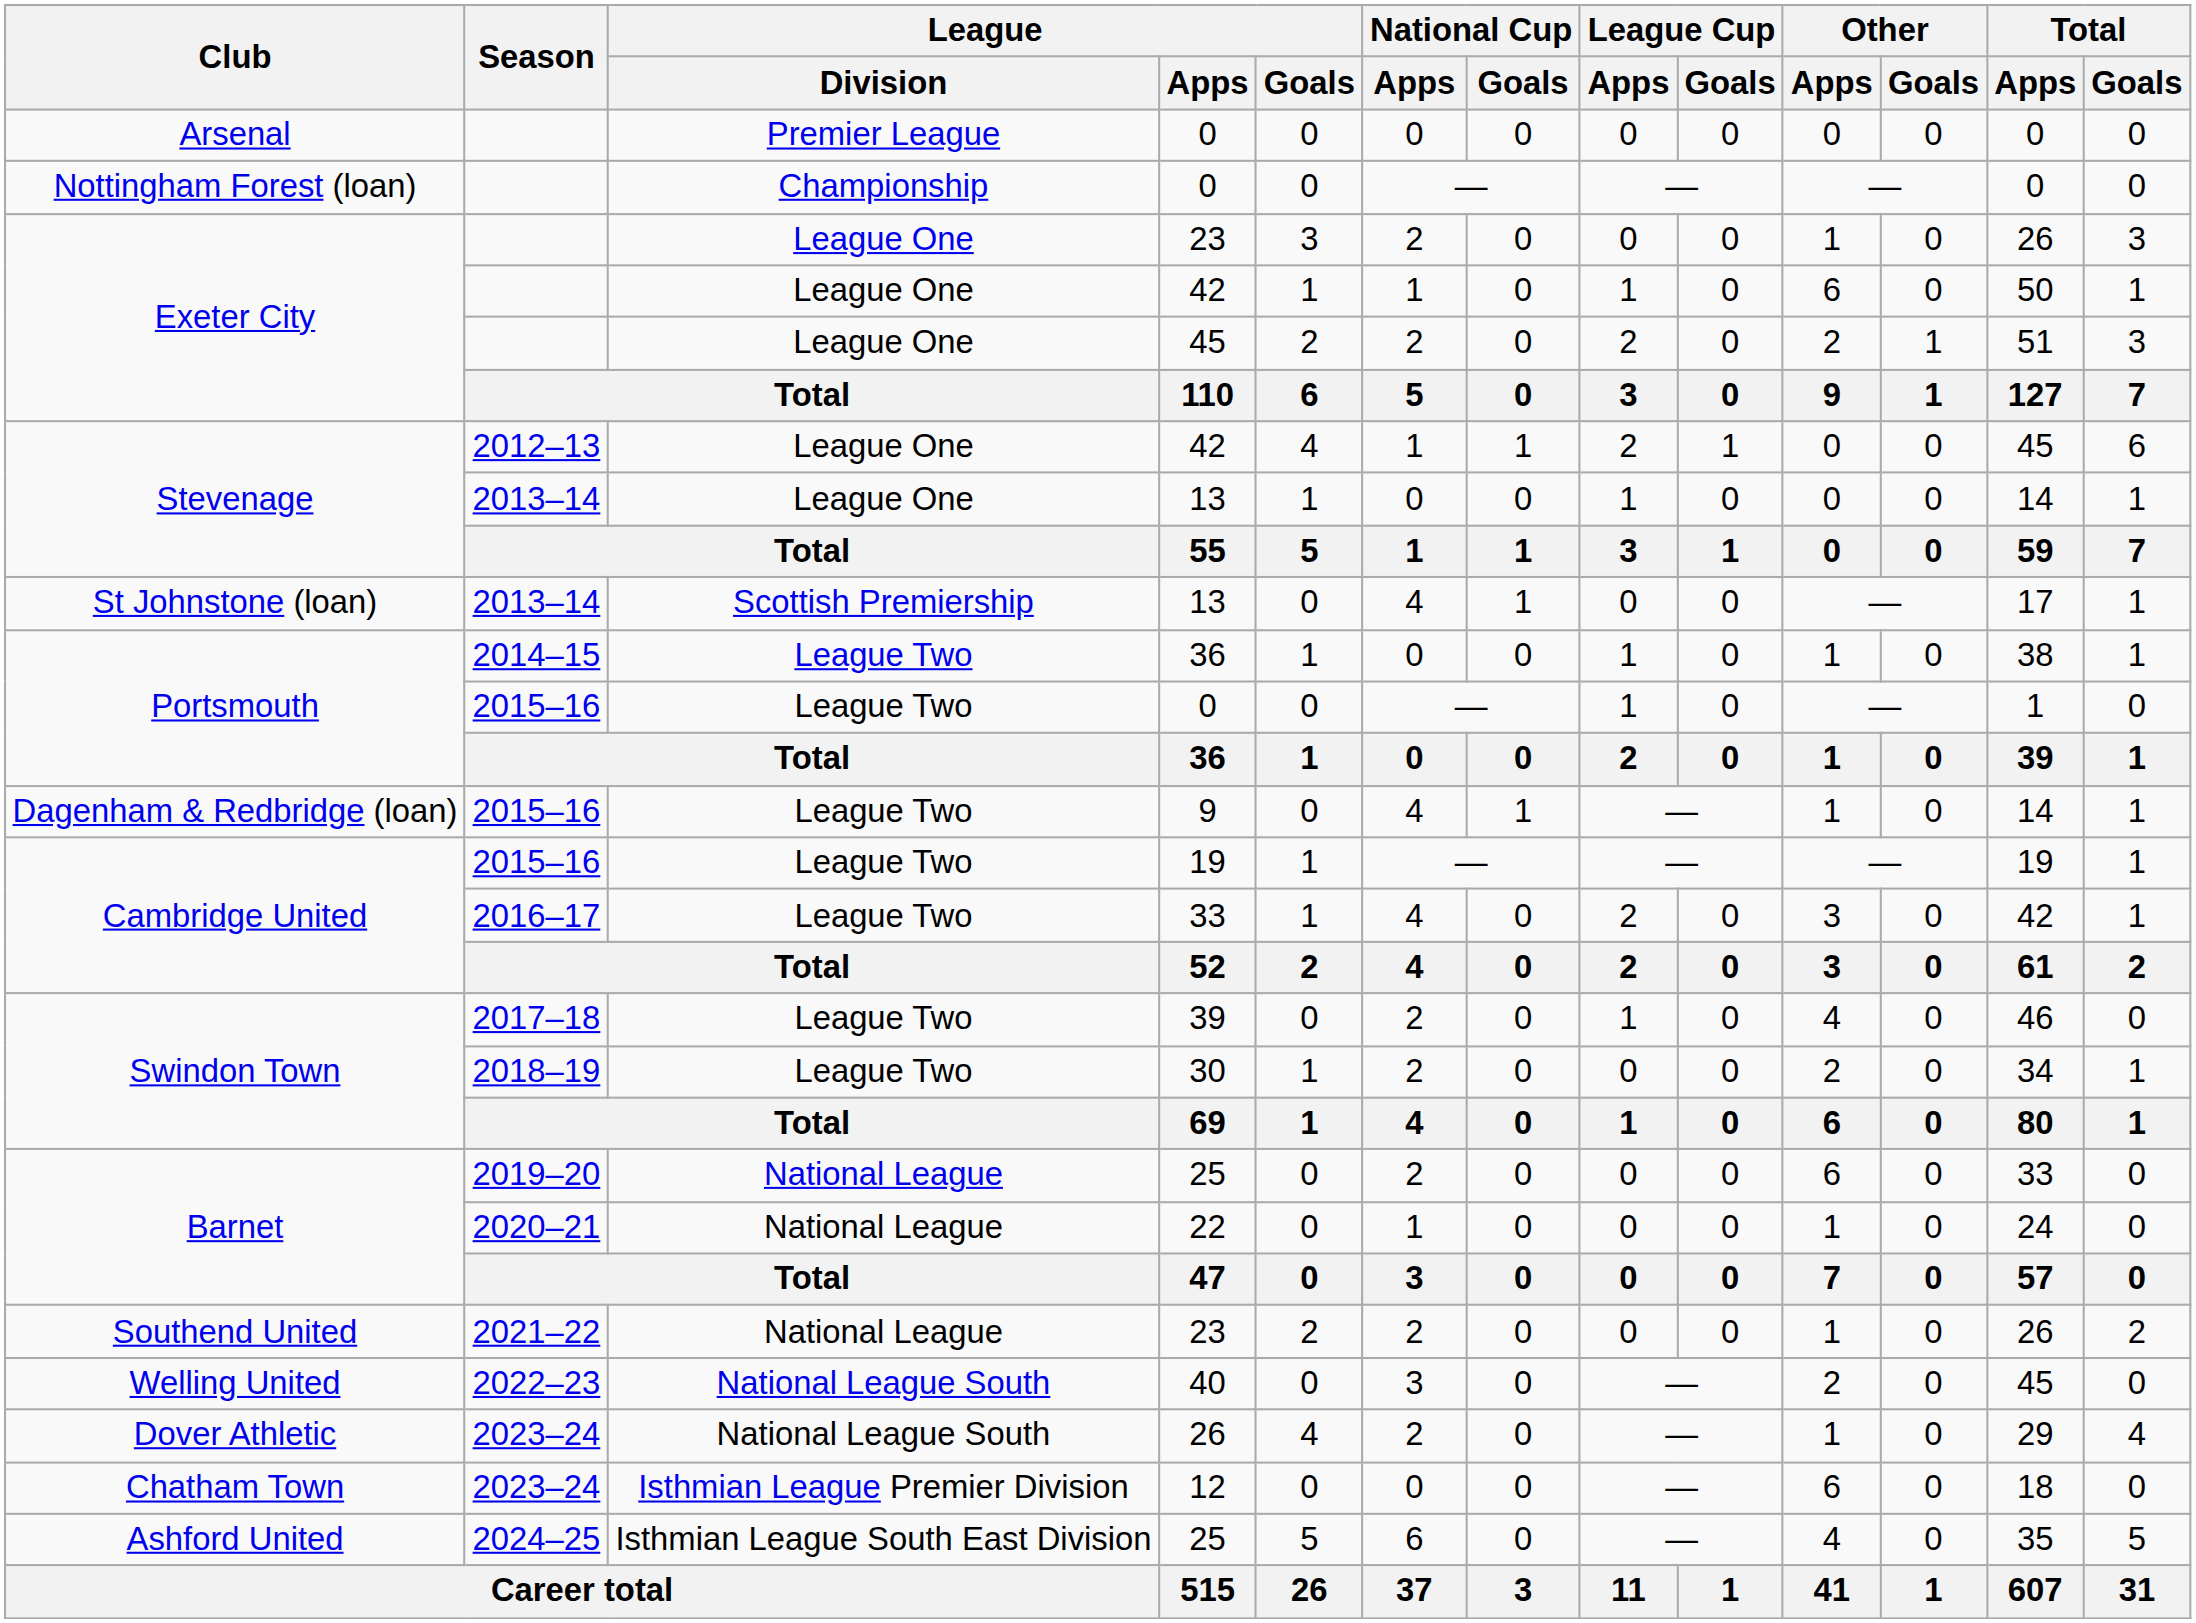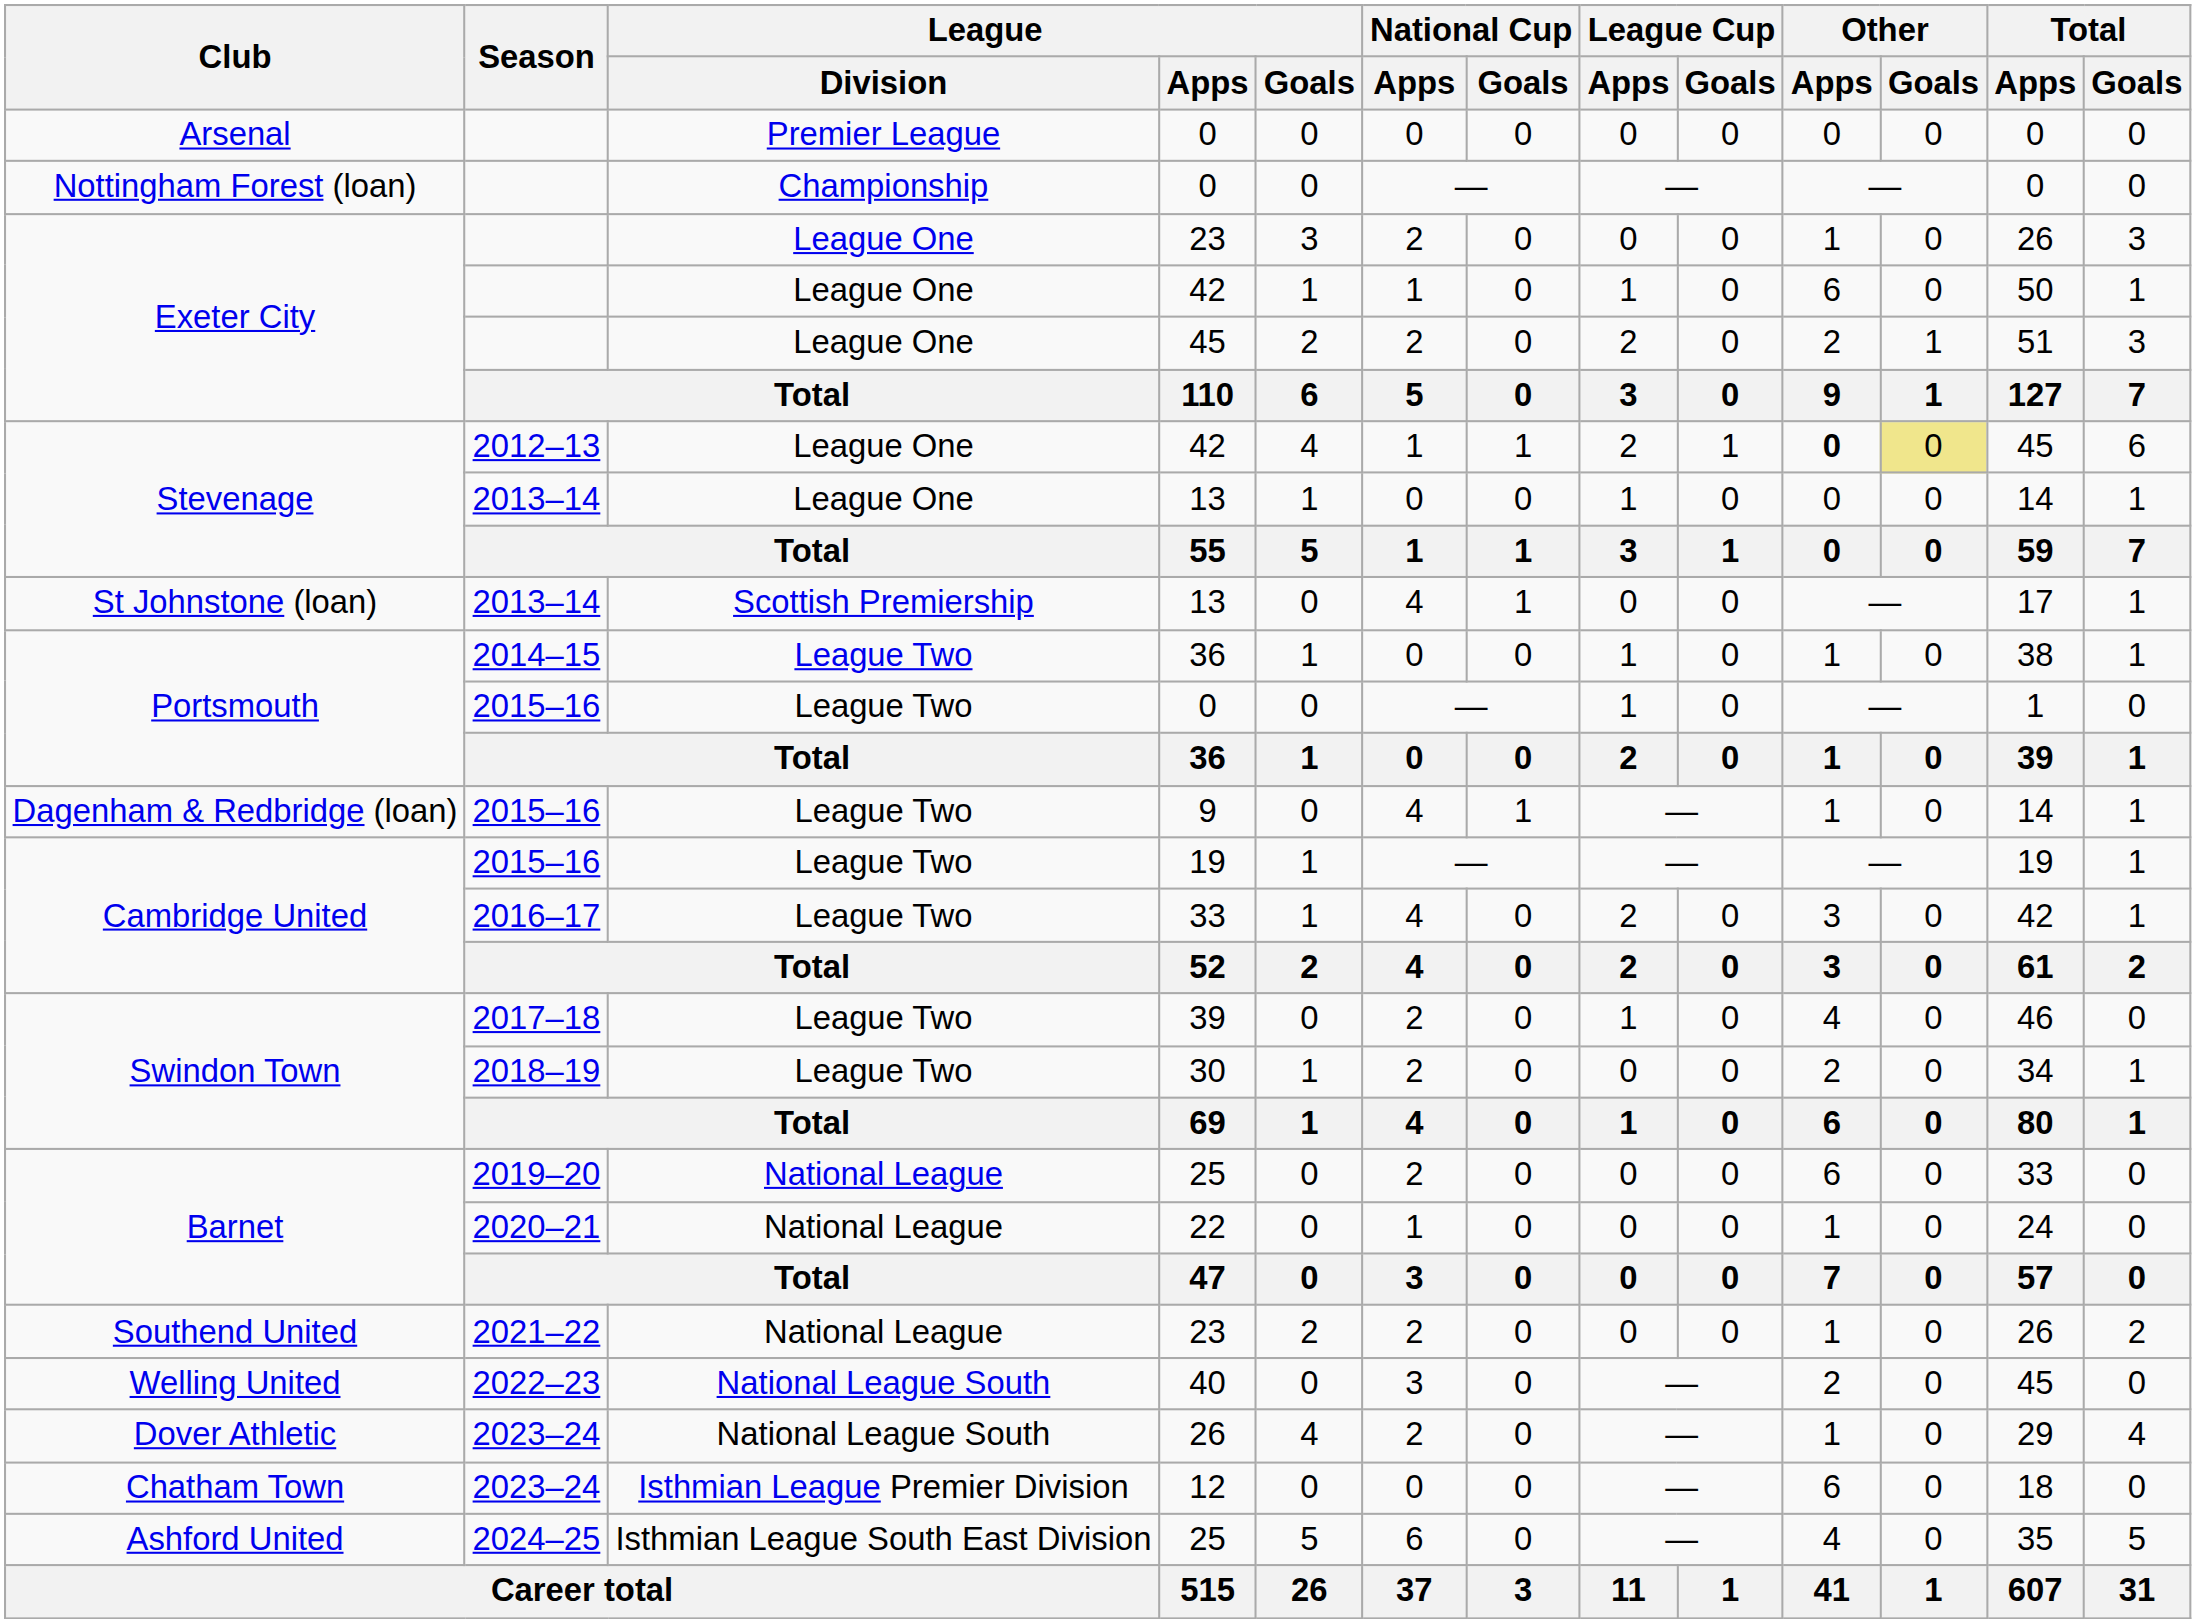 <table class="wikitable" style="text-align: center;">
 <tr>
 <th rowspan="2">Club</th>
 <th rowspan="2">Season</th>
 <th colspan="3">League</th>
 <th colspan="2">National Cup</th>
 <th colspan="2">League Cup</th>
 <th colspan="2">Other</th>
 <th colspan="2">Total</th>
 </tr>
 <tr>
 <th>Division</th>
 <th>Apps</th>
 <th>Goals</th>
 <th>Apps</th>
 <th>Goals</th>
 <th>Apps</th>
 <th>Goals</th>
 <th>Apps</th>
 <th>Goals</th>
 <th>Apps</th>
 <th>Goals</th>
 </tr>
 <tr>
 <td><a href='#'>Arsenal</a></td>
 <td></td>
 <td><a href='#'>Premier League</a></td>
 <td>0</td>
 <td>0</td>
 <td>0</td>
 <td>0</td>
 <td>0</td>
 <td>0</td>
 <td>0</td>
 <td>0</td>
 <td>0</td>
 <td>0</td>
 </tr>
 <tr>
 <td><a href='#'>Nottingham Forest</a> (loan)</td>
 <td></td>
 <td><a href='#'>Championship</a></td>
 <td>0</td>
 <td>0</td>
 <td colspan="2">—</td>
 <td colspan="2">—</td>
 <td colspan="2">—</td>
 <td>0</td>
 <td>0</td>
 </tr>
 <tr>
 <td rowspan="4" valign="center"><a href='#'>Exeter City</a></td>
 <td></td>
 <td><a href='#'>League One</a></td>
 <td>23</td>
 <td>3</td>
 <td>2</td>
 <td>0</td>
 <td>0</td>
 <td>0</td>
 <td>1</td>
 <td>0</td>
 <td>26</td>
 <td>3</td>
 </tr>
 <tr>
 <td></td>
 <td>League One</td>
 <td>42</td>
 <td>1</td>
 <td>1</td>
 <td>0</td>
 <td>1</td>
 <td>0</td>
 <td>6</td>
 <td>0</td>
 <td>50</td>
 <td>1</td>
 </tr>
 <tr>
 <td></td>
 <td>League One</td>
 <td>45</td>
 <td>2</td>
 <td>2</td>
 <td>0</td>
 <td>2</td>
 <td>0</td>
 <td>2</td>
 <td>1</td>
 <td>51</td>
 <td>3</td>
 </tr>
 <tr>
 <th colspan="2">Total</th>
 <th>110</th>
 <th>6</th>
 <th>5</th>
 <th>0</th>
 <th>3</th>
 <th>0</th>
 <th>9</th>
 <th>1</th>
 <th>127</th>
 <th>7</th>
 </tr>
 <tr>
 <td rowspan="3" valign="center"><a href='#'>Stevenage</a></td>
 <td><a href='#'>2012–13</a></td>
 <td>League One</td>
 <td>42</td>
 <td>4</td>
 <td>1</td>
 <td>1</td>
 <td>2</td>
 <td>1</td>
-<td>0</td>
-<td>0</td>
+<td><strong>0</strong></td>
+<td style="background: khaki;">0</td>
 <td>45</td>
 <td>6</td>
 </tr>
 <tr>
 <td><a href='#'>2013–14</a></td>
 <td>League One</td>
 <td>13</td>
 <td>1</td>
 <td>0</td>
 <td>0</td>
 <td>1</td>
 <td>0</td>
 <td>0</td>
 <td>0</td>
 <td>14</td>
 <td>1</td>
 </tr>
 <tr>
 <th colspan="2">Total</th>
 <th>55</th>
 <th>5</th>
 <th>1</th>
 <th>1</th>
 <th>3</th>
 <th>1</th>
 <th>0</th>
 <th>0</th>
 <th>59</th>
 <th>7</th>
 </tr>
 <tr>
 <td><a href='#'>St Johnstone</a> (loan)</td>
 <td><a href='#'>2013–14</a></td>
 <td><a href='#'>Scottish Premiership</a></td>
 <td>13</td>
 <td>0</td>
 <td>4</td>
 <td>1</td>
 <td>0</td>
 <td>0</td>
 <td colspan="2">—</td>
 <td>17</td>
 <td>1</td>
 </tr>
 <tr>
 <td rowspan="3" valign="center"><a href='#'>Portsmouth</a></td>
 <td><a href='#'>2014–15</a></td>
 <td><a href='#'>League Two</a></td>
 <td>36</td>
 <td>1</td>
 <td>0</td>
 <td>0</td>
 <td>1</td>
 <td>0</td>
 <td>1</td>
 <td>0</td>
 <td>38</td>
 <td>1</td>
 </tr>
 <tr>
 <td><a href='#'>2015–16</a></td>
 <td>League Two</td>
 <td>0</td>
 <td>0</td>
 <td colspan="2">—</td>
 <td>1</td>
 <td>0</td>
 <td colspan="2">—</td>
 <td>1</td>
 <td>0</td>
 </tr>
 <tr>
 <th colspan="2">Total</th>
 <th>36</th>
 <th>1</th>
 <th>0</th>
 <th>0</th>
 <th>2</th>
 <th>0</th>
 <th>1</th>
 <th>0</th>
 <th>39</th>
 <th>1</th>
 </tr>
 <tr>
 <td><a href='#'>Dagenham & Redbridge</a> (loan)</td>
 <td><a href='#'>2015–16</a></td>
 <td>League Two</td>
 <td>9</td>
 <td>0</td>
 <td>4</td>
 <td>1</td>
 <td colspan="2">—</td>
 <td>1</td>
 <td>0</td>
 <td>14</td>
 <td>1</td>
 </tr>
 <tr>
 <td rowspan="3" valign="center"><a href='#'>Cambridge United</a></td>
 <td><a href='#'>2015–16</a></td>
 <td>League Two</td>
 <td>19</td>
 <td>1</td>
 <td colspan="2">—</td>
 <td colspan="2">—</td>
 <td colspan="2">—</td>
 <td>19</td>
 <td>1</td>
 </tr>
 <tr>
 <td><a href='#'>2016–17</a></td>
 <td>League Two</td>
 <td>33</td>
 <td>1</td>
 <td>4</td>
 <td>0</td>
 <td>2</td>
 <td>0</td>
 <td>3</td>
 <td>0</td>
 <td>42</td>
 <td>1</td>
 </tr>
 <tr>
 <th colspan="2">Total</th>
 <th>52</th>
 <th>2</th>
 <th>4</th>
 <th>0</th>
 <th>2</th>
 <th>0</th>
 <th>3</th>
 <th>0</th>
 <th>61</th>
 <th>2</th>
 </tr>
 <tr>
 <td rowspan="3" valign="center"><a href='#'>Swindon Town</a></td>
 <td><a href='#'>2017–18</a></td>
 <td>League Two</td>
 <td>39</td>
 <td>0</td>
 <td>2</td>
 <td>0</td>
 <td>1</td>
 <td>0</td>
 <td>4</td>
 <td>0</td>
 <td>46</td>
 <td>0</td>
 </tr>
 <tr>
 <td><a href='#'>2018–19</a></td>
 <td>League Two</td>
 <td>30</td>
 <td>1</td>
 <td>2</td>
 <td>0</td>
 <td>0</td>
 <td>0</td>
 <td>2</td>
 <td>0</td>
 <td>34</td>
 <td>1</td>
 </tr>
 <tr>
 <th colspan="2">Total</th>
 <th>69</th>
 <th>1</th>
 <th>4</th>
 <th>0</th>
 <th>1</th>
 <th>0</th>
 <th>6</th>
 <th>0</th>
 <th>80</th>
 <th>1</th>
 </tr>
 <tr>
 <td rowspan="3" valign="center"><a href='#'>Barnet</a></td>
 <td><a href='#'>2019–20</a></td>
 <td><a href='#'>National League</a></td>
 <td>25</td>
 <td>0</td>
 <td>2</td>
 <td>0</td>
 <td>0</td>
 <td>0</td>
 <td>6</td>
 <td>0</td>
 <td>33</td>
 <td>0</td>
 </tr>
 <tr>
 <td><a href='#'>2020–21</a></td>
 <td>National League</td>
 <td>22</td>
 <td>0</td>
 <td>1</td>
 <td>0</td>
 <td>0</td>
 <td>0</td>
 <td>1</td>
 <td>0</td>
 <td>24</td>
 <td>0</td>
 </tr>
 <tr>
 <th colspan="2">Total</th>
 <th>47</th>
 <th>0</th>
 <th>3</th>
 <th>0</th>
 <th>0</th>
 <th>0</th>
 <th>7</th>
 <th>0</th>
 <th>57</th>
 <th>0</th>
 </tr>
 <tr>
 <td rowspan="1" valign="center"><a href='#'>Southend United</a></td>
 <td><a href='#'>2021–22</a></td>
 <td>National League</td>
 <td>23</td>
 <td>2</td>
 <td>2</td>
 <td>0</td>
 <td>0</td>
 <td>0</td>
 <td>1</td>
 <td>0</td>
 <td>26</td>
 <td>2</td>
 </tr>
 <tr>
 <td rowspan="1" valign="center"><a href='#'>Welling United</a></td>
 <td><a href='#'>2022–23</a></td>
 <td><a href='#'>National League South</a></td>
 <td>40</td>
 <td>0</td>
 <td>3</td>
 <td>0</td>
 <td colspan="2">—</td>
 <td>2</td>
 <td>0</td>
 <td>45</td>
 <td>0</td>
 </tr>
 <tr>
 <td><a href='#'>Dover Athletic</a></td>
 <td><a href='#'>2023–24</a></td>
 <td>National League South</td>
 <td>26</td>
 <td>4</td>
 <td>2</td>
 <td>0</td>
 <td colspan="2">—</td>
 <td>1</td>
 <td>0</td>
 <td>29</td>
 <td>4</td>
 </tr>
 <tr>
 <td><a href='#'>Chatham Town</a></td>
 <td><a href='#'>2023–24</a></td>
 <td><a href='#'>Isthmian League</a> Premier Division</td>
 <td>12</td>
 <td>0</td>
 <td>0</td>
 <td>0</td>
 <td colspan="2">—</td>
 <td>6</td>
 <td>0</td>
 <td>18</td>
 <td>0</td>
 </tr>
 <tr>
 <td><a href='#'>Ashford United</a></td>
 <td><a href='#'>2024–25</a></td>
 <td>Isthmian League South East Division</td>
 <td>25</td>
 <td>5</td>
 <td>6</td>
 <td>0</td>
 <td colspan="2">—</td>
 <td>4</td>
 <td>0</td>
 <td>35</td>
 <td>5</td>
 </tr>
 <tr>
 <th colspan="3">Career total</th>
 <th>515</th>
 <th>26</th>
 <th>37</th>
 <th>3</th>
 <th>11</th>
 <th>1</th>
 <th>41</th>
 <th>1</th>
 <th>607</th>
 <th>31</th>
 </tr>
 </table>
